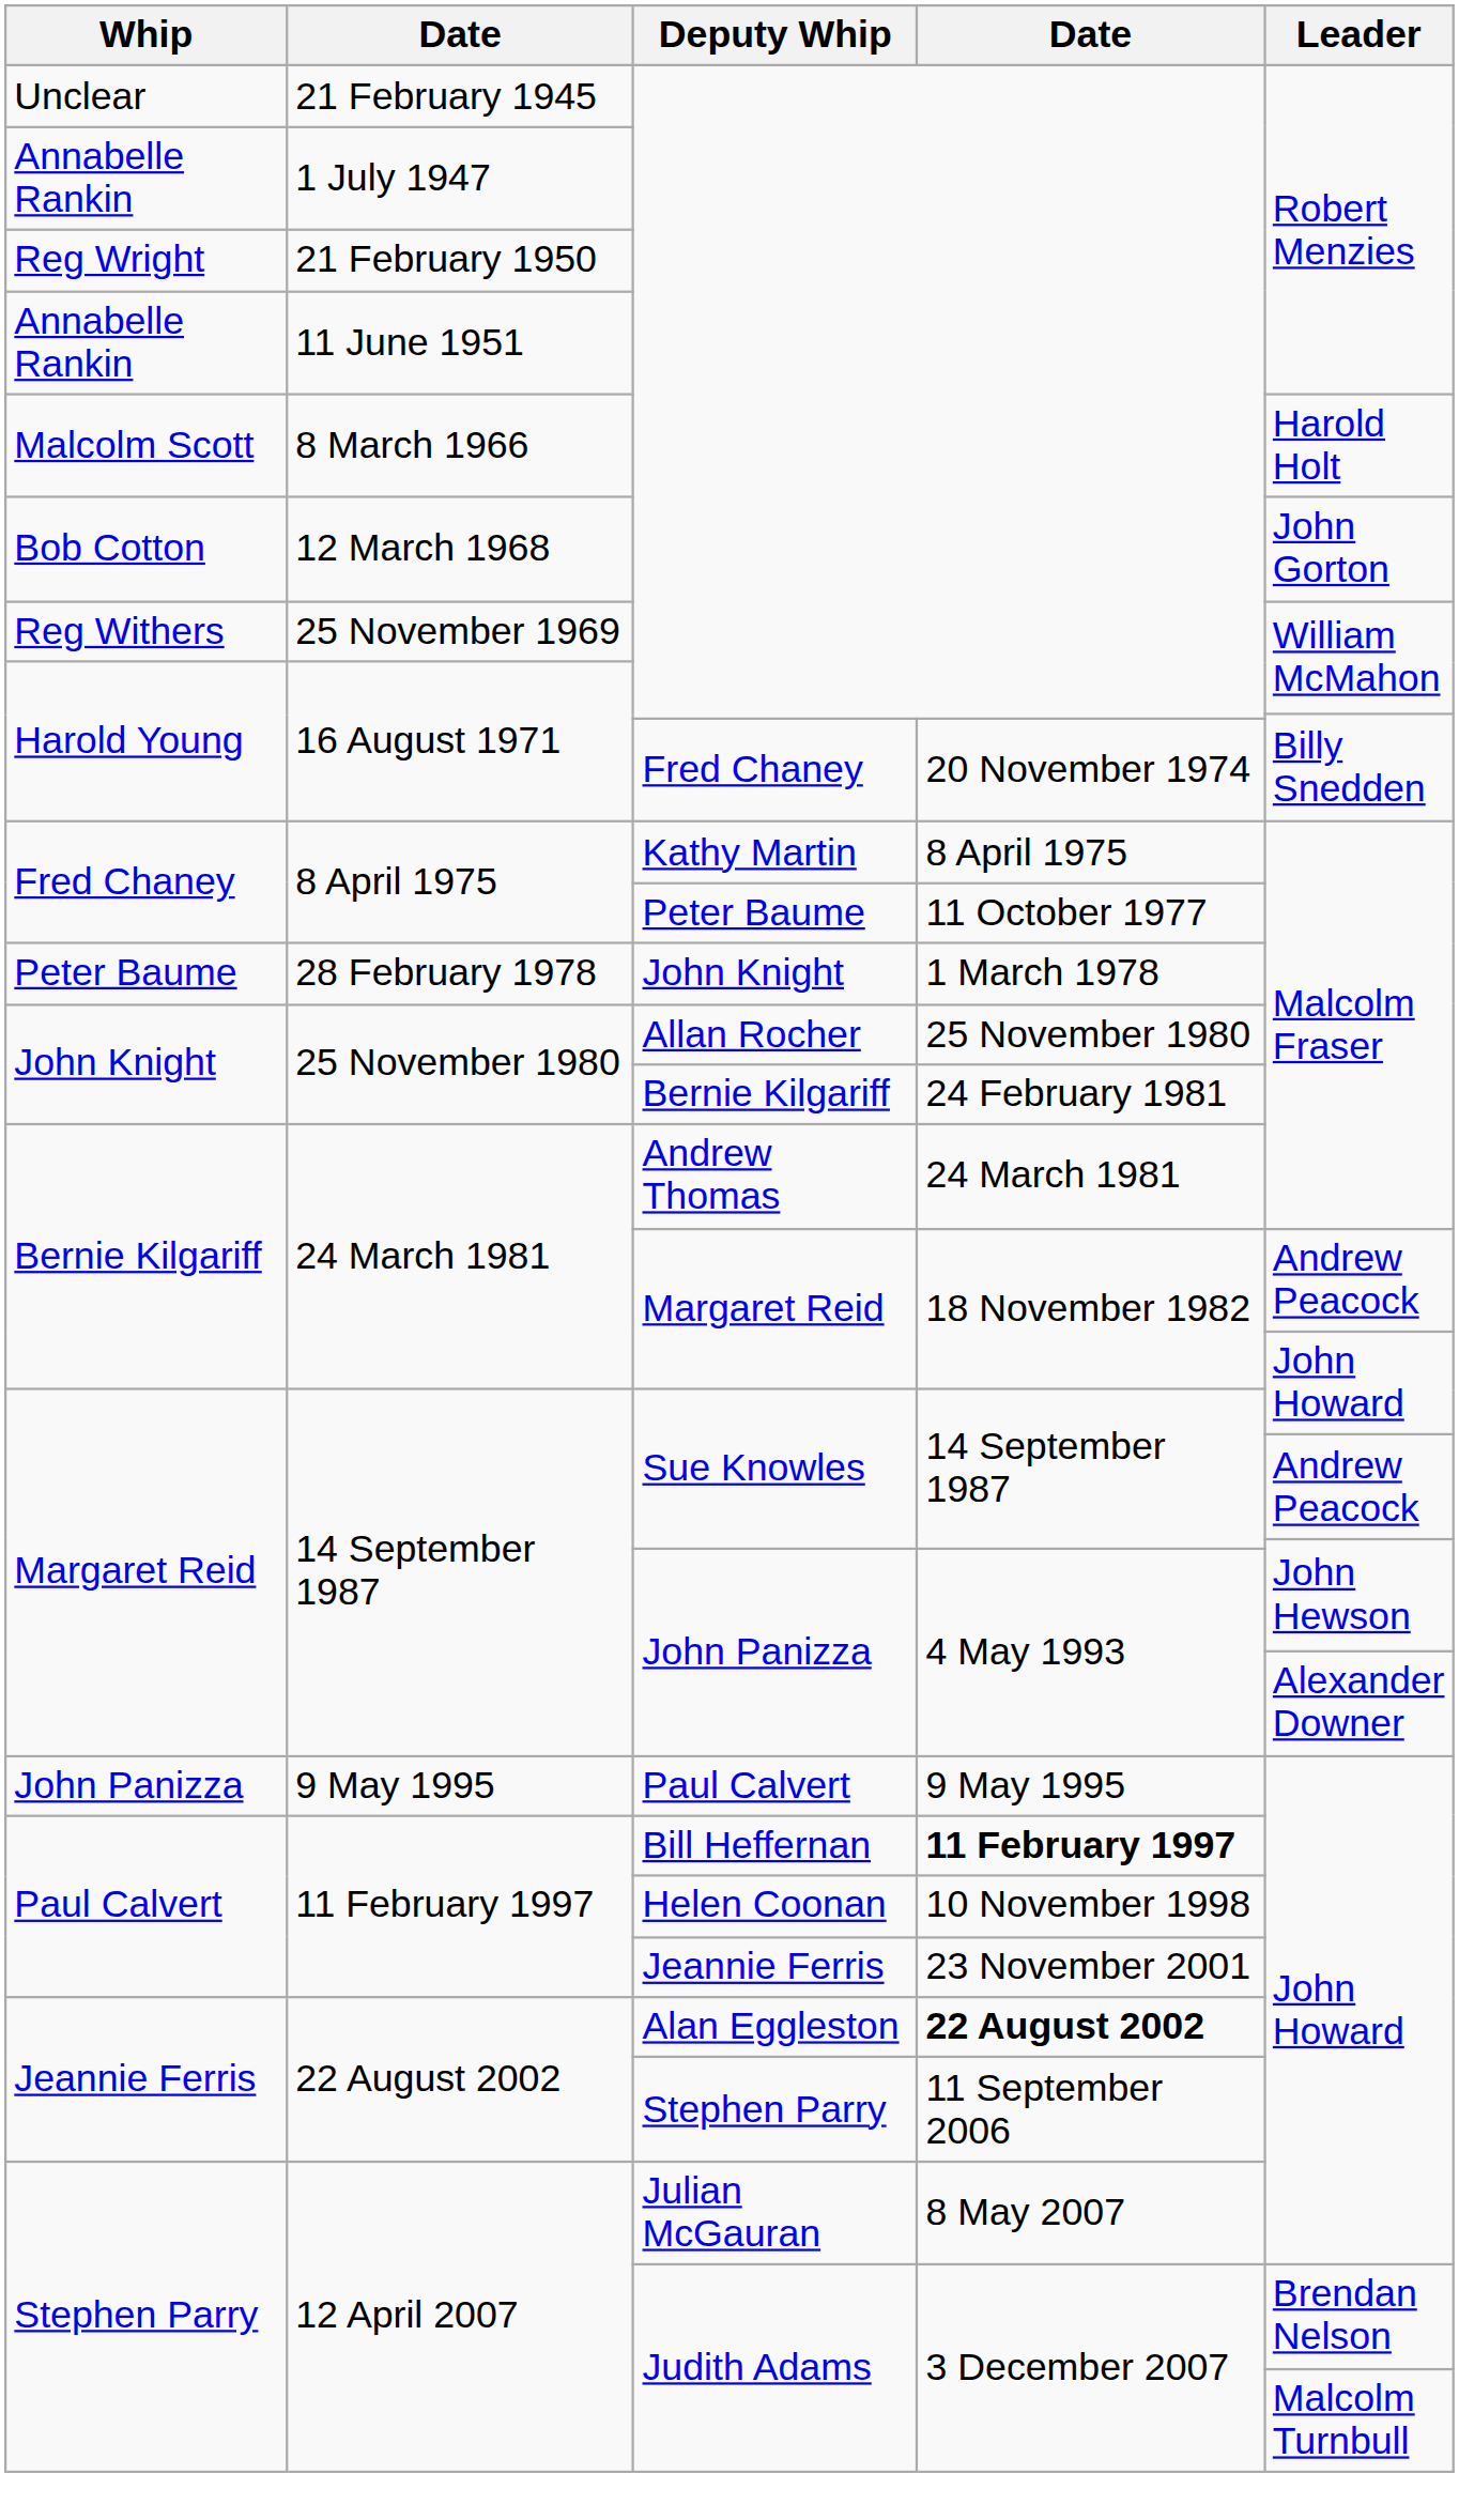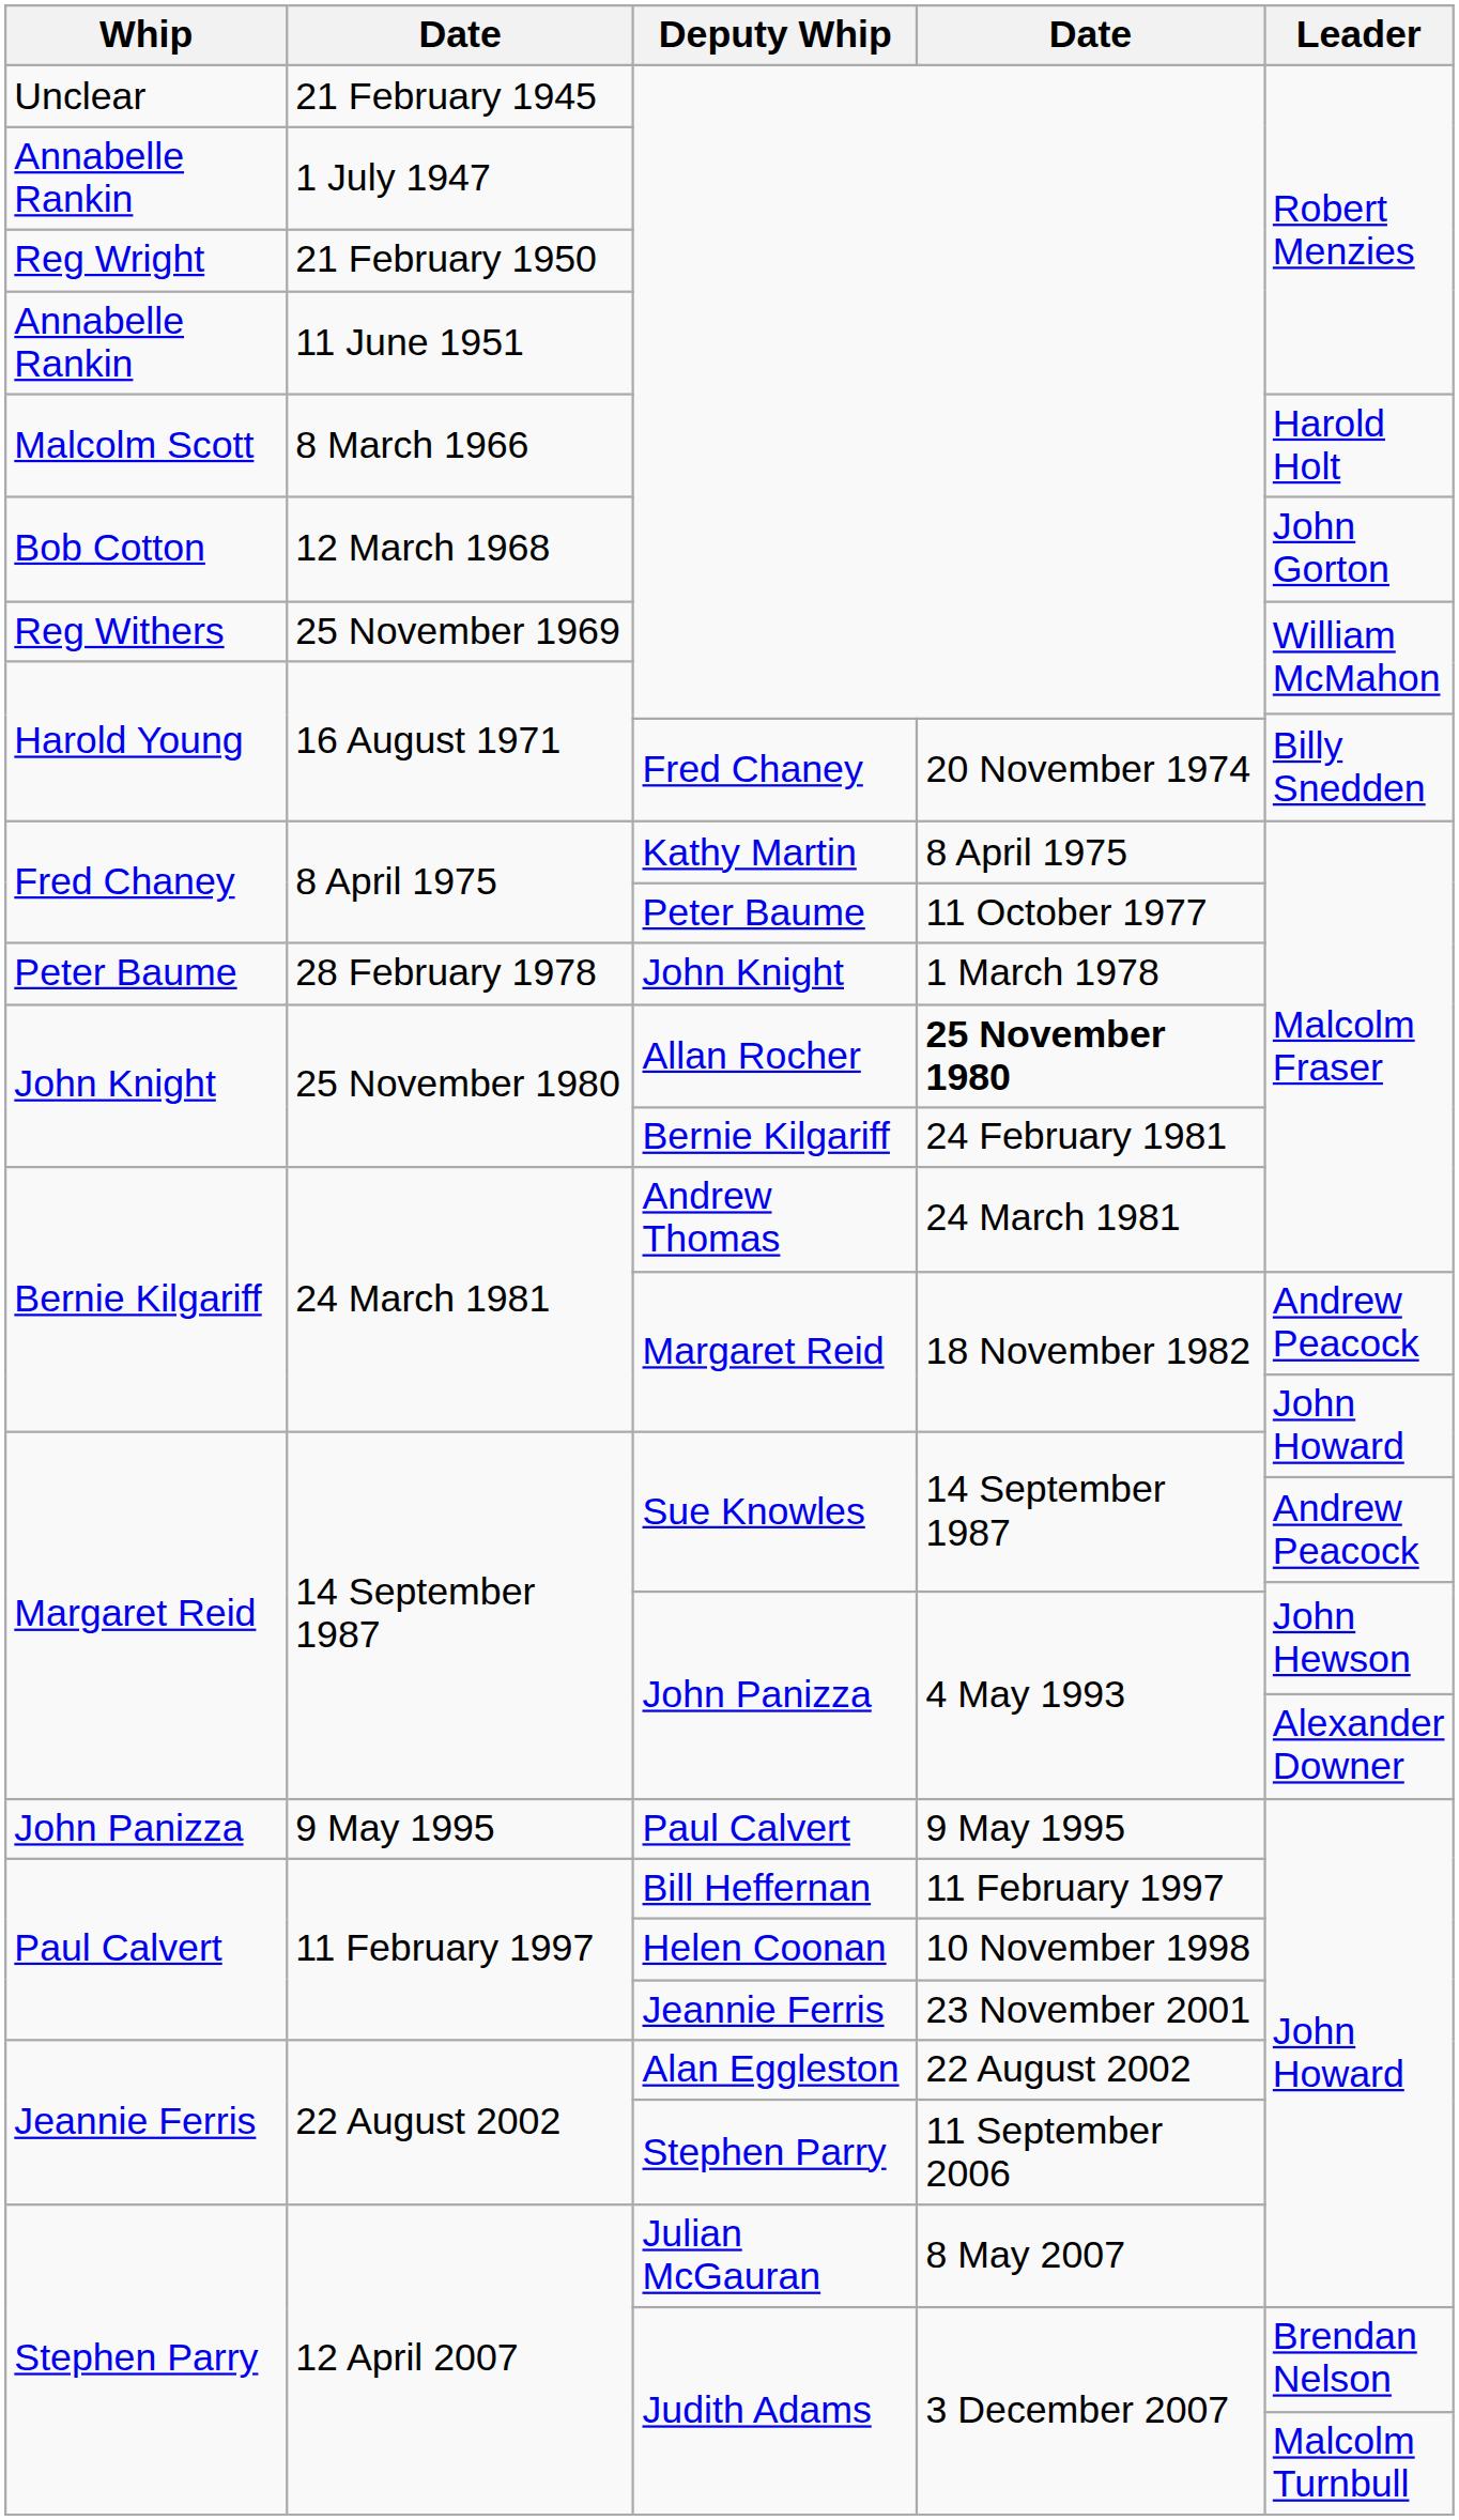 <table class=wikitable>
 <tr>
 <th width=125px>Whip</th>
 <th width=160px>Date</th>
 <th width=125px>Deputy Whip</th>
 <th width=160px>Date</th>
 <th>Leader</th>
 </tr>
 <tr>
 <td>Unclear</td>
 <td>21 February 1945</td>
 <td colspan=2 rowspan=9 height=170px></td>
 <td rowspan=4><a href='#'>Robert Menzies</a></td>
 </tr>
 <tr>
 <td><a href='#'>Annabelle Rankin</a></td>
 <td>1 July 1947</td>
 </tr>
 <tr>
 <td><a href='#'>Reg Wright</a></td>
 <td>21 February 1950</td>
 </tr>
 <tr>
 <td><a href='#'>Annabelle Rankin</a></td>
 <td>11 June 1951</td>
 </tr>
 <tr>
 <td><a href='#'>Malcolm Scott</a></td>
 <td>8 March 1966</td>
 <td><a href='#'>Harold Holt</a></td>
 </tr>
 <tr>
 <td><a href='#'>Bob Cotton</a></td>
 <td>12 March 1968</td>
 <td><a href='#'>John Gorton</a></td>
 </tr>
 <tr>
 <td><a href='#'>Reg Withers</a></td>
 <td>25 November 1969</td>
 <td rowspan=2 height=40px><a href='#'>William McMahon</a></td>
 </tr>
 <tr>
 <td rowspan=3 height=60px><a href='#'>Harold Young</a></td>
 <td rowspan=3>16 August 1971</td>
 </tr>
 <tr>
 <td rowspan=2><a href='#'>Billy Snedden</a></td>
 </tr>
 <tr>
 <td><a href='#'>Fred Chaney</a></td>
 <td>20 November 1974</td>
 </tr>
 <tr>
 <td rowspan=2><a href='#'>Fred Chaney</a></td>
 <td rowspan=2>8 April 1975</td>
 <td><a href='#'>Kathy Martin</a></td>
 <td>8 April 1975</td>
 <td rowspan=7 height=160px><a href='#'>Malcolm Fraser</a></td>
 </tr>
 <tr>
 <td><a href='#'>Peter Baume</a></td>
 <td>11 October 1977</td>
 </tr>
 <tr>
 <td><a href='#'>Peter Baume</a></td>
 <td>28 February 1978</td>
 <td><a href='#'>John Knight</a></td>
 <td>1 March 1978</td>
 </tr>
 <tr>
 <td rowspan=2><a href='#'>John Knight</a></td>
 <td rowspan=2>25 November 1980</td>
 <td><a href='#'>Allan Rocher</a></td>
-<td>25 November 1980</td>
+<td><strong>25 November 1980</strong></td>
 </tr>
 <tr>
 <td><a href='#'>Bernie Kilgariff</a></td>
 <td>24 February 1981</td>
 </tr>
 <tr>
 <td rowspan=4><a href='#'>Bernie Kilgariff</a></td>
 <td rowspan=4>24 March 1981</td>
 <td><a href='#'>Andrew Thomas</a></td>
 <td>24 March 1981</td>
 </tr>
 <tr>
 <td rowspan=3 height=60px><a href='#'>Margaret Reid</a></td>
 <td rowspan=3>18 November 1982</td>
 </tr>
 <tr>
 <td><a href='#'>Andrew Peacock</a></td>
 </tr>
 <tr>
 <td rowspan=2 height=30px><a href='#'>John Howard</a></td>
 </tr>
 <tr>
 <td rowspan=6><a href='#'>Margaret Reid</a></td>
 <td rowspan=6>14 September 1987</td>
 <td rowspan=3 height=60px><a href='#'>Sue Knowles</a></td>
 <td rowspan=3>14 September 1987</td>
 </tr>
 <tr>
 <td><a href='#'>Andrew Peacock</a></td>
 </tr>
 <tr>
 <td rowspan=2 height=40px><a href='#'>John Hewson</a></td>
 </tr>
 <tr>
 <td rowspan=3 height=60px><a href='#'>John Panizza</a></td>
 <td rowspan=3>4 May 1993</td>
 </tr>
 <tr>
 <td><a href='#'>Alexander Downer</a></td>
 </tr>
 <tr>
 <td rowspan=8><a href='#'>John Howard</a></td>
 </tr>
 <tr>
 <td><a href='#'>John Panizza</a></td>
 <td>9 May 1995</td>
 <td><a href='#'>Paul Calvert</a></td>
 <td>9 May 1995</td>
 </tr>
 <tr>
 <td rowspan=3 height=60><a href='#'>Paul Calvert</a></td>
 <td rowspan=3>11 February 1997</td>
 <td><a href='#'>Bill Heffernan</a></td>
-<td><strong>11 February 1997</strong></td>
+<td>11 February 1997</td>
 </tr>
 <tr>
 <td><a href='#'>Helen Coonan</a></td>
 <td>10 November 1998</td>
 </tr>
 <tr>
 <td><a href='#'>Jeannie Ferris</a></td>
 <td>23 November 2001</td>
 </tr>
 <tr>
 <td rowspan=2 height=40><a href='#'>Jeannie Ferris</a></td>
 <td rowspan=2>22 August 2002</td>
 <td><a href='#'>Alan Eggleston</a></td>
-<td><strong>22 August 2002</strong></td>
+<td>22 August 2002</td>
 </tr>
 <tr>
 <td><a href='#'>Stephen Parry</a></td>
 <td>11 September 2006</td>
 </tr>
 <tr>
 <td rowspan=3><a href='#'>Stephen Parry</a></td>
 <td rowspan=3>12 April 2007</td>
 <td><a href='#'>Julian McGauran</a></td>
 <td>8 May 2007</td>
 </tr>
 <tr>
 <td rowspan=2><a href='#'>Judith Adams</a></td>
 <td rowspan=2>3 December 2007</td>
 <td><a href='#'>Brendan Nelson</a></td>
 </tr>
 <tr>
 <td><a href='#'>Malcolm Turnbull</a></td>
 </tr>
 </table>
